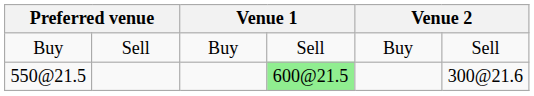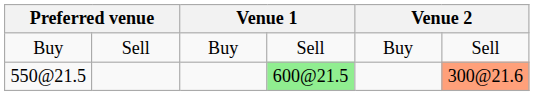 <table class="wikitable" style="text-align:center">
 <tr>
 <th colspan="2">Preferred venue</th>
 <th colspan="2">Venue 1</th>
 <th colspan="2">Venue 2</th>
 </tr>
 <tr>
 <td>Buy</td>
 <td>Sell</td>
 <td>Buy</td>
 <td>Sell</td>
 <td>Buy</td>
 <td>Sell</td>
 </tr>
 <tr>
 <td style="width:70px">550@21.5</td>
 <td style="width:70px"></td>
 <td style="width:70px"></td>
 <td style="background: lightgreen; width:70px">600@21.5</td>
 <td style="width:70px"></td>
-<td style="width:70px">300@21.6</td>
+<td style="background: lightsalmon; width:70px">300@21.6</td>
 </tr>
 </table>
